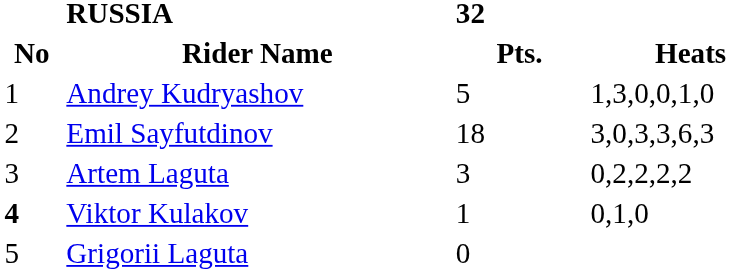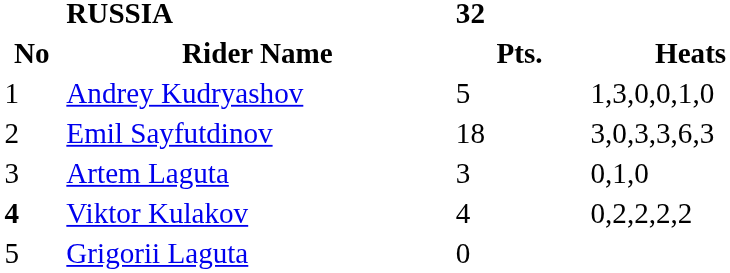 <table class="toccolours">
 <tr>
 <td></td>
 <td><strong>RUSSIA</strong></td>
 <td><strong>32</strong></td>
 </tr>
 <tr style="background-color:">
 <th width=30px>No</th>
 <th width=210px>Rider Name</th>
 <th width=70px>Pts.</th>
 <th width=110px>Heats</th>
 </tr>
 <tr style="background-color:">
 <td>1</td>
 <td><a href='#'>Andrey Kudryashov</a></td>
 <td>5</td>
 <td>1,3,0,0,1,0</td>
 </tr>
 <tr style="background-color:">
 <td>2</td>
 <td><a href='#'>Emil Sayfutdinov</a></td>
 <td>18</td>
 <td>3,0,3,3,6,3</td>
 </tr>
 <tr style="background-color:">
 <td>3</td>
 <td><a href='#'>Artem Laguta</a></td>
 <td>3</td>
-<td>0,2,2,2,2</td>
+<td>0,1,0</td>
 </tr>
 <tr style="background-color:">
 <td><strong>4</strong></td>
 <td><a href='#'>Viktor Kulakov</a></td>
-<td>1</td>
-<td>0,1,0</td>
+<td>4</td>
+<td>0,2,2,2,2</td>
 </tr>
 <tr style="background-color:">
 <td>5</td>
 <td><a href='#'>Grigorii Laguta</a></td>
 <td>0</td>
 <td></td>
 </tr>
 </table>
